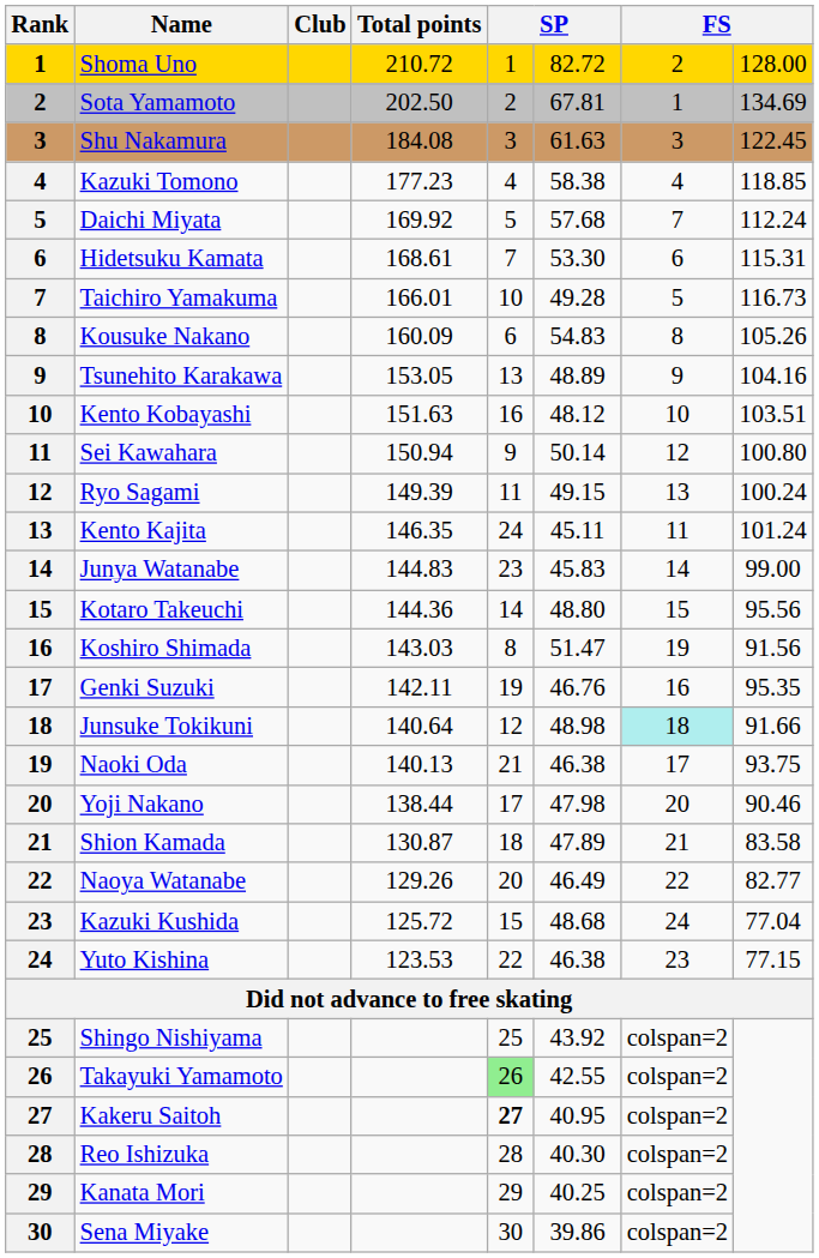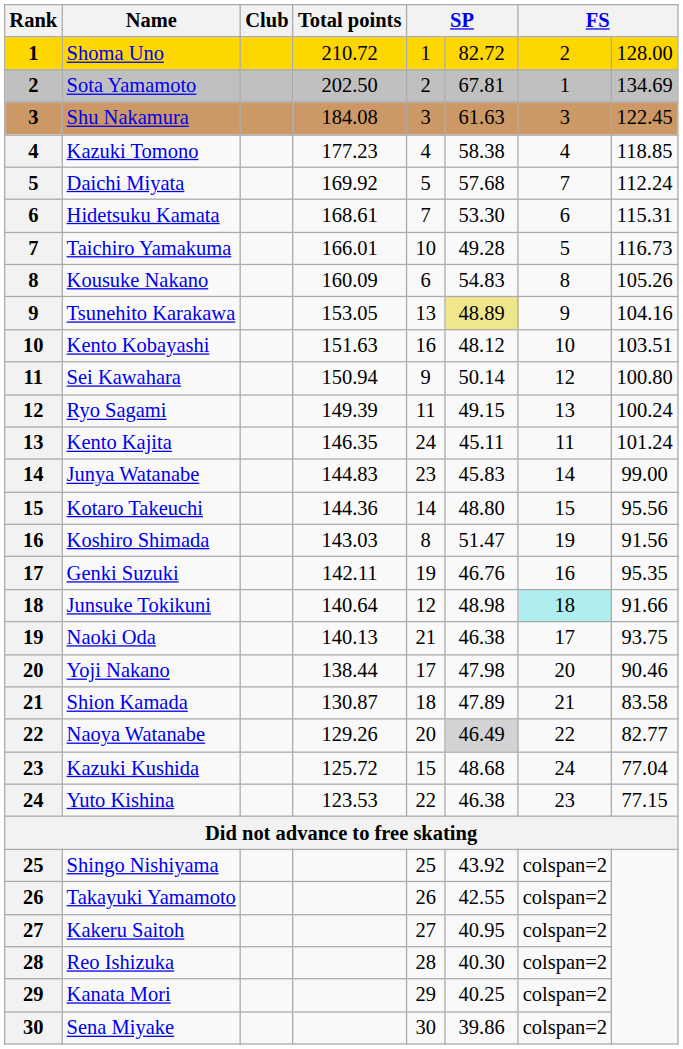 <table class="wikitable sortable">
 <tr>
 <th>Rank</th>
 <th>Name</th>
 <th>Club</th>
 <th>Total points</th>
 <th colspan="2" width="80px"><a href='#'>SP</a></th>
 <th colspan="2" width="80px"><a href='#'>FS</a></th>
 </tr>
 <tr bgcolor="gold">
 <td align="center"><strong>1</strong></td>
 <td><a href='#'>Shoma Uno</a></td>
 <td></td>
 <td align="center">210.72</td>
 <td align="center">1</td>
 <td align="center">82.72</td>
 <td align="center">2</td>
 <td align="center">128.00</td>
 </tr>
 <tr bgcolor="silver">
 <td align="center"><strong>2</strong></td>
 <td><a href='#'>Sota Yamamoto</a></td>
 <td></td>
 <td align="center">202.50</td>
 <td align="center">2</td>
 <td align="center">67.81</td>
 <td align="center">1</td>
 <td align="center">134.69</td>
 </tr>
 <tr bgcolor="cc9966">
 <td align="center"><strong>3</strong></td>
 <td><a href='#'>Shu Nakamura</a></td>
 <td></td>
 <td align="center">184.08</td>
 <td align="center">3</td>
 <td align="center">61.63</td>
 <td align="center">3</td>
 <td align="center">122.45</td>
 </tr>
 <tr>
 <th>4</th>
 <td><a href='#'>Kazuki Tomono</a></td>
 <td></td>
 <td align="center">177.23</td>
 <td align="center">4</td>
 <td align="center">58.38</td>
 <td align="center">4</td>
 <td align="center">118.85</td>
 </tr>
 <tr>
 <th>5</th>
 <td><a href='#'>Daichi Miyata</a></td>
 <td></td>
 <td align="center">169.92</td>
 <td align="center">5</td>
 <td align="center">57.68</td>
 <td align="center">7</td>
 <td align="center">112.24</td>
 </tr>
 <tr>
 <th>6</th>
 <td><a href='#'>Hidetsuku Kamata</a></td>
 <td></td>
 <td align="center">168.61</td>
 <td align="center">7</td>
 <td align="center">53.30</td>
 <td align="center">6</td>
 <td align="center">115.31</td>
 </tr>
 <tr>
 <th>7</th>
 <td><a href='#'>Taichiro Yamakuma</a></td>
 <td></td>
 <td align="center">166.01</td>
 <td align="center">10</td>
 <td align="center">49.28</td>
 <td align="center">5</td>
 <td align="center">116.73</td>
 </tr>
 <tr>
 <th>8</th>
 <td><a href='#'>Kousuke Nakano</a></td>
 <td></td>
 <td align="center">160.09</td>
 <td align="center">6</td>
 <td align="center">54.83</td>
 <td align="center">8</td>
 <td align="center">105.26</td>
 </tr>
 <tr>
 <th>9</th>
 <td><a href='#'>Tsunehito Karakawa</a></td>
 <td></td>
 <td align="center">153.05</td>
 <td align="center">13</td>
-<td align="center">48.89</td>
+<td align="center" style="background: khaki;">48.89</td>
 <td align="center">9</td>
 <td align="center">104.16</td>
 </tr>
 <tr>
 <th>10</th>
 <td><a href='#'>Kento Kobayashi</a></td>
 <td></td>
 <td align="center">151.63</td>
 <td align="center">16</td>
 <td align="center">48.12</td>
 <td align="center">10</td>
 <td align="center">103.51</td>
 </tr>
 <tr>
 <th>11</th>
 <td><a href='#'>Sei Kawahara</a></td>
 <td></td>
 <td align="center">150.94</td>
 <td align="center">9</td>
 <td align="center">50.14</td>
 <td align="center">12</td>
 <td align="center">100.80</td>
 </tr>
 <tr>
 <th>12</th>
 <td><a href='#'>Ryo Sagami</a></td>
 <td></td>
 <td align="center">149.39</td>
 <td align="center">11</td>
 <td align="center">49.15</td>
 <td align="center">13</td>
 <td align="center">100.24</td>
 </tr>
 <tr>
 <th>13</th>
 <td><a href='#'>Kento Kajita</a></td>
 <td></td>
 <td align="center">146.35</td>
 <td align="center">24</td>
 <td align="center">45.11</td>
 <td align="center">11</td>
 <td align="center">101.24</td>
 </tr>
 <tr>
 <th>14</th>
 <td><a href='#'>Junya Watanabe</a></td>
 <td></td>
 <td align="center">144.83</td>
 <td align="center">23</td>
 <td align="center">45.83</td>
 <td align="center">14</td>
 <td align="center">99.00</td>
 </tr>
 <tr>
 <th>15</th>
 <td><a href='#'>Kotaro Takeuchi</a></td>
 <td></td>
 <td align="center">144.36</td>
 <td align="center">14</td>
 <td align="center">48.80</td>
 <td align="center">15</td>
 <td align="center">95.56</td>
 </tr>
 <tr>
 <th>16</th>
 <td><a href='#'>Koshiro Shimada</a></td>
 <td></td>
 <td align="center">143.03</td>
 <td align="center">8</td>
 <td align="center">51.47</td>
 <td align="center">19</td>
 <td align="center">91.56</td>
 </tr>
 <tr>
 <th>17</th>
 <td><a href='#'>Genki Suzuki</a></td>
 <td></td>
 <td align="center">142.11</td>
 <td align="center">19</td>
 <td align="center">46.76</td>
 <td align="center">16</td>
 <td align="center">95.35</td>
 </tr>
 <tr>
 <th>18</th>
 <td><a href='#'>Junsuke Tokikuni</a></td>
 <td></td>
 <td align="center">140.64</td>
 <td align="center">12</td>
 <td align="center">48.98</td>
 <td align="center" style="background: paleturquoise;">18</td>
 <td align="center">91.66</td>
 </tr>
 <tr>
 <th>19</th>
 <td><a href='#'>Naoki Oda</a></td>
 <td></td>
 <td align="center">140.13</td>
 <td align="center">21</td>
 <td align="center">46.38</td>
 <td align="center">17</td>
 <td align="center">93.75</td>
 </tr>
 <tr>
 <th>20</th>
 <td><a href='#'>Yoji Nakano</a></td>
 <td></td>
 <td align="center">138.44</td>
 <td align="center">17</td>
 <td align="center">47.98</td>
 <td align="center">20</td>
 <td align="center">90.46</td>
 </tr>
 <tr>
 <th>21</th>
 <td><a href='#'>Shion Kamada</a></td>
 <td></td>
 <td align="center">130.87</td>
 <td align="center">18</td>
 <td align="center">47.89</td>
 <td align="center">21</td>
 <td align="center">83.58</td>
 </tr>
 <tr>
 <th>22</th>
 <td><a href='#'>Naoya Watanabe</a></td>
 <td></td>
 <td align="center">129.26</td>
 <td align="center">20</td>
-<td align="center">46.49</td>
+<td align="center" style="background: lightgrey;">46.49</td>
 <td align="center">22</td>
 <td align="center">82.77</td>
 </tr>
 <tr>
 <th>23</th>
 <td><a href='#'>Kazuki Kushida</a></td>
 <td></td>
 <td align="center">125.72</td>
 <td align="center">15</td>
 <td align="center">48.68</td>
 <td align="center">24</td>
 <td align="center">77.04</td>
 </tr>
 <tr>
 <th>24</th>
 <td><a href='#'>Yuto Kishina</a></td>
 <td></td>
 <td align="center">123.53</td>
 <td align="center">22</td>
 <td align="center">46.38</td>
 <td align="center">23</td>
 <td align="center">77.15</td>
 </tr>
 <tr>
 <th colspan=8>Did not advance to free skating</th>
 </tr>
 <tr>
 <th>25</th>
 <td><a href='#'>Shingo Nishiyama</a></td>
 <td></td>
 <td></td>
 <td align="center">25</td>
 <td align="center">43.92</td>
 <td>colspan=2 </td>
 </tr>
 <tr>
 <th>26</th>
 <td><a href='#'>Takayuki Yamamoto</a></td>
 <td></td>
 <td></td>
-<td align="center" style="background: lightgreen;">26</td>
+<td align="center">26</td>
 <td align="center">42.55</td>
 <td>colspan=2 </td>
 </tr>
 <tr>
 <th>27</th>
 <td><a href='#'>Kakeru Saitoh</a></td>
 <td></td>
 <td></td>
-<td align="center"><strong>27</strong></td>
+<td align="center">27</td>
 <td align="center">40.95</td>
 <td>colspan=2 </td>
 </tr>
 <tr>
 <th>28</th>
 <td><a href='#'>Reo Ishizuka</a></td>
 <td></td>
 <td></td>
 <td align="center">28</td>
 <td align="center">40.30</td>
 <td>colspan=2 </td>
 </tr>
 <tr>
 <th>29</th>
 <td><a href='#'>Kanata Mori</a></td>
 <td></td>
 <td></td>
 <td align="center">29</td>
 <td align="center">40.25</td>
 <td>colspan=2 </td>
 </tr>
 <tr>
 <th>30</th>
 <td><a href='#'>Sena Miyake</a></td>
 <td></td>
 <td></td>
 <td align="center">30</td>
 <td align="center">39.86</td>
 <td>colspan=2 </td>
 </tr>
 </table>
